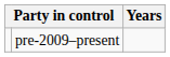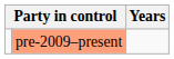 <table class="wikitable">
 <tr>
 <th colspan="2">Party in control</th>
 <th>Years</th>
 </tr>
 <tr>
 <td></td>
-<td>pre-2009–present</td>
+<td style="background: lightsalmon;">pre-2009–present</td>
 </tr>
 </table>
